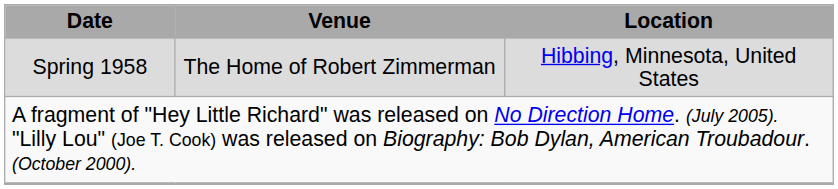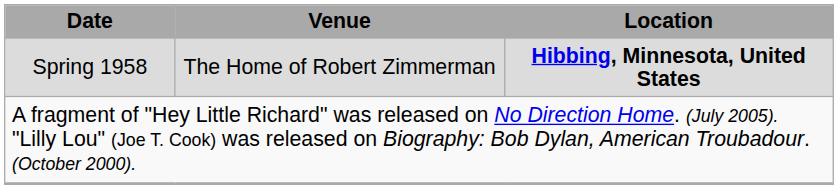 <table class="wikitable" style="width:100%; text-align:center;">
 <tr>
 <th style="width:100px; background:darkGrey;">Date</th>
 <th style="width:200px; background:darkGrey;">Venue</th>
 <th style="width:200px; background:darkGrey;">Location</th>
 </tr>
 <tr style="background:#DCDCDC;">
 <td>Spring 1958</td>
 <td>The Home of Robert Zimmerman</td>
-<td><a href='#'>Hibbing</a>, Minnesota, United States</td>
+<td><strong><a href='#'>Hibbing</a>, Minnesota, United States</strong></td>
 </tr>
 <tr>
 <td colspan="5" style="border-bottom-width:3px; padding:5px; text-align:left;">A fragment of "Hey Little Richard" was released on <em><a href='#'>No Direction Home</a></em>. <small><em>(July 2005).</em></small> <br> "Lilly Lou" <small>(Joe T. Cook)</small> was released on <em>Biography: Bob Dylan, American Troubadour</em>. <small><em>(October 2000).</em></small></td>
 </tr>
 <tr>
 </tr>
 </table>
